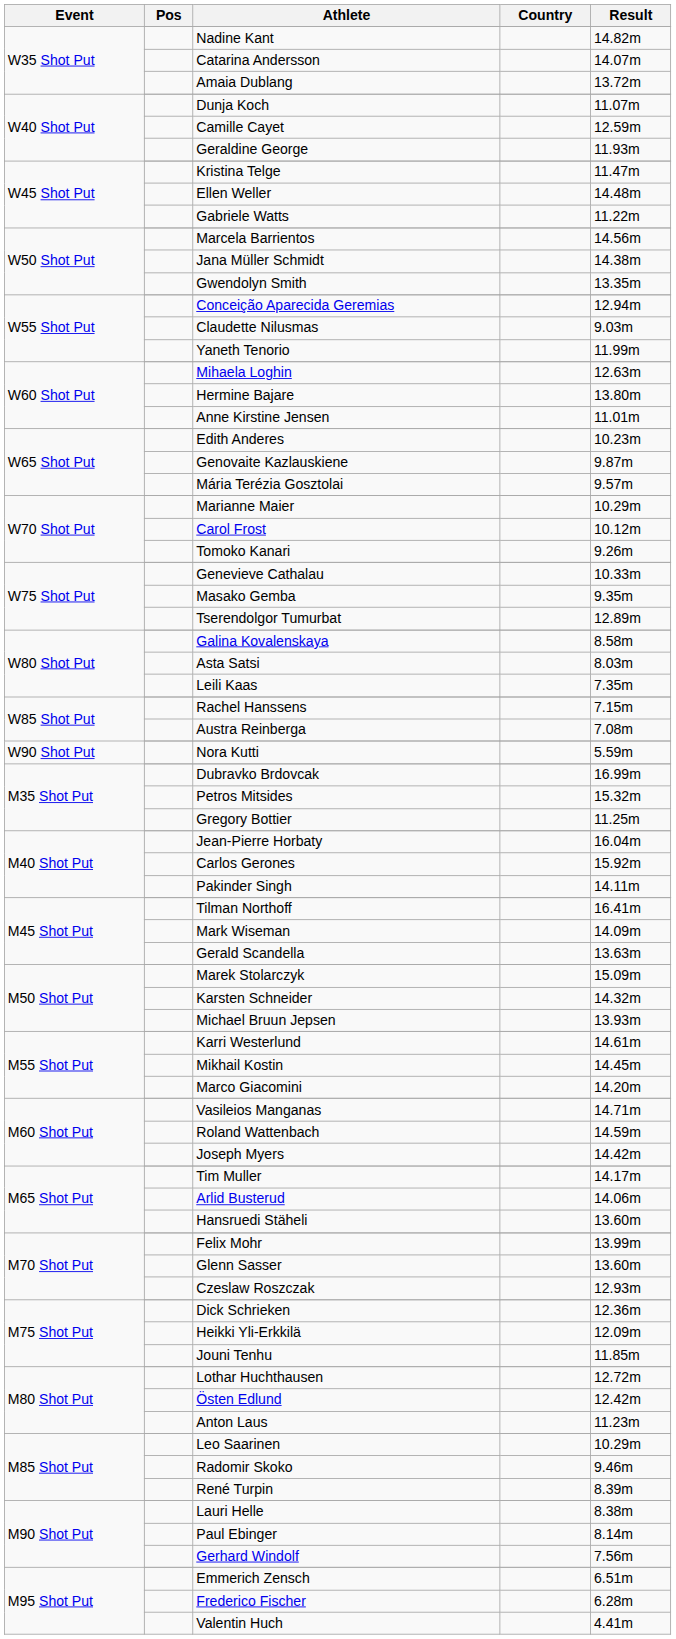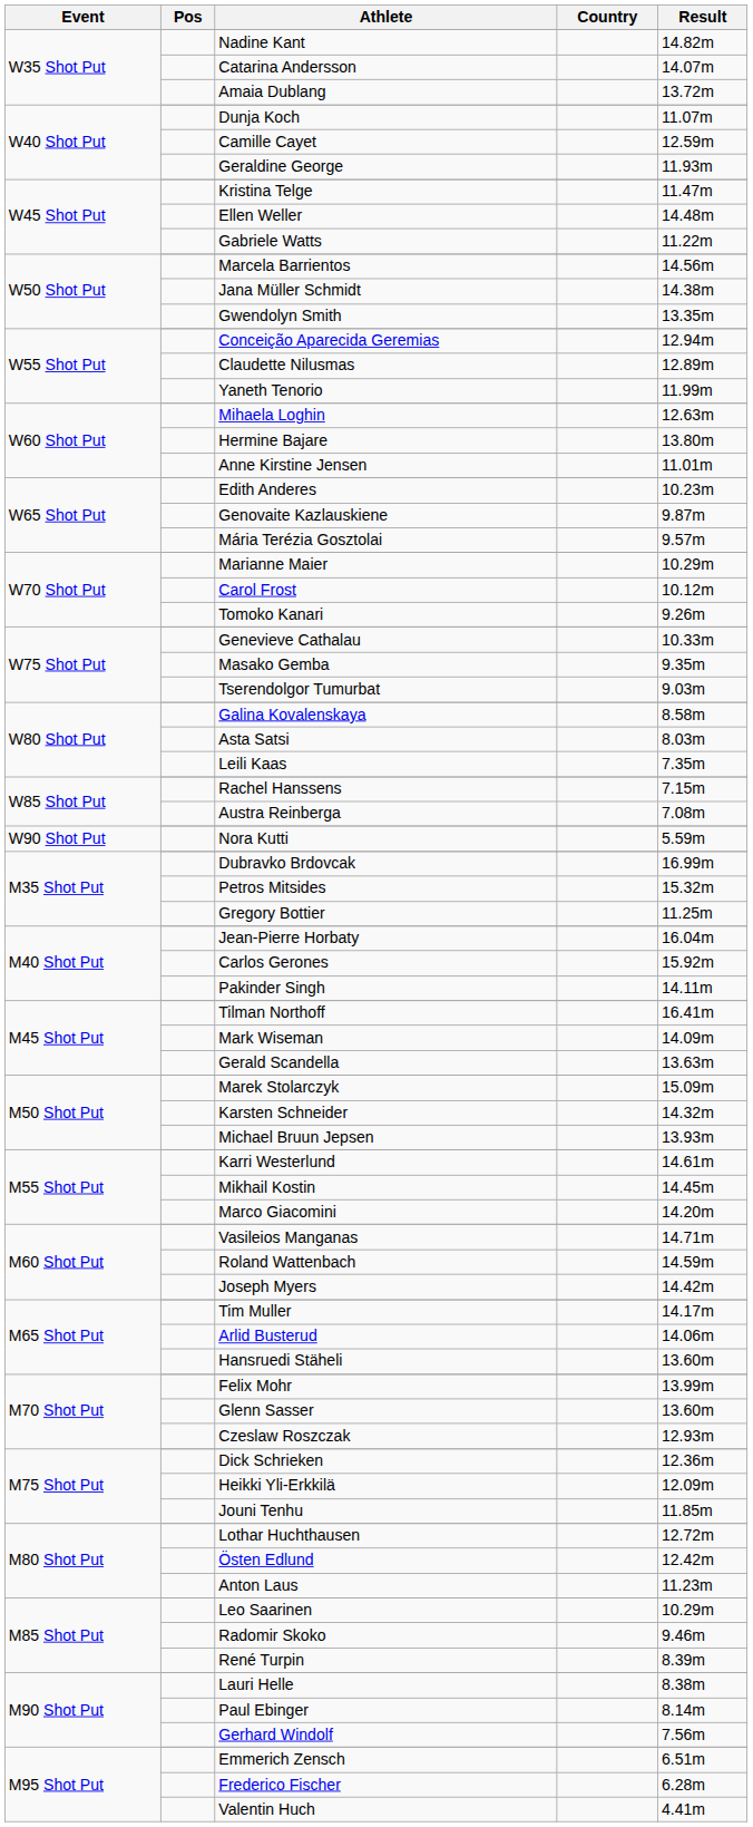 <table class="wikitable" style="width:60%;">
 <tr>
 <th>Event</th>
 <th>Pos</th>
 <th>Athlete</th>
 <th>Country</th>
 <th>Result</th>
 </tr>
 <tr>
 <td rowspan='4'>W35 <a href='#'>Shot Put</a></td>
 </tr>
 <tr>
 <td align=center></td>
 <td align=left>Nadine Kant</td>
 <td align=left></td>
 <td>14.82m</td>
 </tr>
 <tr>
 <td align=center></td>
 <td align=left>Catarina Andersson</td>
 <td align=left></td>
 <td>14.07m</td>
 </tr>
 <tr>
 <td align=center></td>
 <td align=left>Amaia Dublang</td>
 <td align=left></td>
 <td>13.72m</td>
 </tr>
 <tr>
 <td rowspan='4'>W40 <a href='#'>Shot Put</a></td>
 </tr>
 <tr>
 <td align=center></td>
 <td align=left>Dunja Koch</td>
 <td align=left></td>
 <td>11.07m</td>
 </tr>
 <tr>
 <td align=center></td>
 <td align=left>Camille Cayet</td>
 <td align=left></td>
 <td>12.59m</td>
 </tr>
 <tr>
 <td align=center></td>
 <td align=left>Geraldine George</td>
 <td align=left></td>
 <td>11.93m</td>
 </tr>
 <tr>
 <td rowspan='4'>W45 <a href='#'>Shot Put</a></td>
 </tr>
 <tr>
 <td align=center></td>
 <td align=left>Kristina Telge</td>
 <td align=left></td>
 <td>11.47m</td>
 </tr>
 <tr>
 <td align=center></td>
 <td align=left>Ellen Weller</td>
 <td align=left></td>
 <td>14.48m</td>
 </tr>
 <tr>
 <td align=center></td>
 <td align=left>Gabriele Watts</td>
 <td align=left></td>
 <td>11.22m</td>
 </tr>
 <tr>
 <td rowspan='4'>W50 <a href='#'>Shot Put</a></td>
 </tr>
 <tr>
 <td align=center></td>
 <td align=left>Marcela Barrientos</td>
 <td align=left></td>
 <td>14.56m</td>
 </tr>
 <tr>
 <td align=center></td>
 <td align=left>Jana Müller Schmidt</td>
 <td align=left></td>
 <td>14.38m</td>
 </tr>
 <tr>
 <td align=center></td>
 <td align=left>Gwendolyn Smith</td>
 <td align=left></td>
 <td>13.35m</td>
 </tr>
 <tr>
 <td rowspan='4'>W55 <a href='#'>Shot Put</a></td>
 </tr>
 <tr>
 <td align=center></td>
 <td align=left><a href='#'>Conceição Aparecida Geremias</a></td>
 <td align=left></td>
 <td>12.94m</td>
 </tr>
 <tr>
 <td align=center></td>
 <td align=left>Claudette Nilusmas</td>
 <td align=left></td>
-<td>9.03m</td>
+<td>12.89m</td>
 </tr>
 <tr>
 <td align=center></td>
 <td align=left>Yaneth Tenorio</td>
 <td align=left></td>
 <td>11.99m</td>
 </tr>
 <tr>
 <td rowspan='4'>W60 <a href='#'>Shot Put</a></td>
 </tr>
 <tr>
 <td align=center></td>
 <td align=left><a href='#'>Mihaela Loghin</a></td>
 <td align=left></td>
 <td>12.63m</td>
 </tr>
 <tr>
 <td align=center></td>
 <td align=left>Hermine Bajare</td>
 <td align=left></td>
 <td>13.80m</td>
 </tr>
 <tr>
 <td align=center></td>
 <td align=left>Anne Kirstine Jensen</td>
 <td align=left></td>
 <td>11.01m</td>
 </tr>
 <tr>
 <td rowspan='4'>W65 <a href='#'>Shot Put</a></td>
 </tr>
 <tr>
 <td align=center></td>
 <td align=left>Edith Anderes</td>
 <td align=left></td>
 <td>10.23m</td>
 </tr>
 <tr>
 <td align=center></td>
 <td align=left>Genovaite Kazlauskiene</td>
 <td align=left></td>
 <td>9.87m</td>
 </tr>
 <tr>
 <td align=center></td>
 <td align=left>Mária Terézia Gosztolai</td>
 <td align=left></td>
 <td>9.57m</td>
 </tr>
 <tr>
 <td rowspan='4'>W70 <a href='#'>Shot Put</a></td>
 </tr>
 <tr>
 <td align=center></td>
 <td align=left>Marianne Maier</td>
 <td align=left></td>
 <td>10.29m</td>
 </tr>
 <tr>
 <td align=center></td>
 <td align=left><a href='#'>Carol Frost</a></td>
 <td align=left></td>
 <td>10.12m</td>
 </tr>
 <tr>
 <td align=center></td>
 <td align=left>Tomoko Kanari</td>
 <td align=left></td>
 <td>9.26m</td>
 </tr>
 <tr>
 <td rowspan='4'>W75 <a href='#'>Shot Put</a></td>
 </tr>
 <tr>
 <td align=center></td>
 <td align=left>Genevieve Cathalau</td>
 <td align=left></td>
 <td>10.33m</td>
 </tr>
 <tr>
 <td align=center></td>
 <td align=left>Masako Gemba</td>
 <td align=left></td>
 <td>9.35m</td>
 </tr>
 <tr>
 <td align=center></td>
 <td align=left>Tserendolgor Tumurbat</td>
 <td align=left></td>
-<td>12.89m</td>
+<td>9.03m</td>
 </tr>
 <tr>
 <td rowspan='4'>W80 <a href='#'>Shot Put</a></td>
 </tr>
 <tr>
 <td align=center></td>
 <td align=left><a href='#'>Galina Kovalenskaya</a></td>
 <td align=left></td>
 <td>8.58m</td>
 </tr>
 <tr>
 <td align=center></td>
 <td align=left>Asta Satsi</td>
 <td align=left></td>
 <td>8.03m</td>
 </tr>
 <tr>
 <td align=center></td>
 <td align=left>Leili Kaas</td>
 <td align=left></td>
 <td>7.35m</td>
 </tr>
 <tr>
 <td rowspan='3'>W85 <a href='#'>Shot Put</a></td>
 </tr>
 <tr>
 <td align=center></td>
 <td align=left>Rachel Hanssens</td>
 <td align=left></td>
 <td>7.15m</td>
 </tr>
 <tr>
 <td align=center></td>
 <td align=left>Austra Reinberga</td>
 <td align=left></td>
 <td>7.08m</td>
 </tr>
 <tr>
 <td rowspan='2'>W90 <a href='#'>Shot Put</a></td>
 </tr>
 <tr>
 <td align=center></td>
 <td align=left>Nora Kutti</td>
 <td align=left></td>
 <td>5.59m</td>
 </tr>
 <tr>
 <td rowspan='4'>M35 <a href='#'>Shot Put</a></td>
 </tr>
 <tr>
 <td align=center></td>
 <td align=left>Dubravko Brdovcak</td>
 <td align=left></td>
 <td>16.99m</td>
 </tr>
 <tr>
 <td align=center></td>
 <td align=left>Petros Mitsides</td>
 <td align=left></td>
 <td>15.32m</td>
 </tr>
 <tr>
 <td align=center></td>
 <td align=left>Gregory Bottier</td>
 <td align=left></td>
 <td>11.25m</td>
 </tr>
 <tr>
 <td rowspan='4'>M40 <a href='#'>Shot Put</a></td>
 </tr>
 <tr>
 <td align=center></td>
 <td align=left>Jean-Pierre Horbaty</td>
 <td align=left></td>
 <td>16.04m</td>
 </tr>
 <tr>
 <td align=center></td>
 <td align=left>Carlos Gerones</td>
 <td align=left></td>
 <td>15.92m</td>
 </tr>
 <tr>
 <td align=center></td>
 <td align=left>Pakinder Singh</td>
 <td align=left></td>
 <td>14.11m</td>
 </tr>
 <tr>
 <td rowspan='4'>M45 <a href='#'>Shot Put</a></td>
 </tr>
 <tr>
 <td align=center></td>
 <td align=left>Tilman Northoff</td>
 <td align=left></td>
 <td>16.41m</td>
 </tr>
 <tr>
 <td align=center></td>
 <td align=left>Mark Wiseman</td>
 <td align=left></td>
 <td>14.09m</td>
 </tr>
 <tr>
 <td align=center></td>
 <td align=left>Gerald Scandella</td>
 <td align=left></td>
 <td>13.63m</td>
 </tr>
 <tr>
 <td rowspan='4'>M50 <a href='#'>Shot Put</a></td>
 </tr>
 <tr>
 <td align=center></td>
 <td align=left>Marek Stolarczyk</td>
 <td align=left></td>
 <td>15.09m</td>
 </tr>
 <tr>
 <td align=center></td>
 <td align=left>Karsten Schneider</td>
 <td align=left></td>
 <td>14.32m</td>
 </tr>
 <tr>
 <td align=center></td>
 <td align=left>Michael Bruun Jepsen</td>
 <td align=left></td>
 <td>13.93m</td>
 </tr>
 <tr>
 <td rowspan='4'>M55 <a href='#'>Shot Put</a></td>
 </tr>
 <tr>
 <td align=center></td>
 <td align=left>Karri Westerlund</td>
 <td align=left></td>
 <td>14.61m</td>
 </tr>
 <tr>
 <td align=center></td>
 <td align=left>Mikhail Kostin</td>
 <td align=left></td>
 <td>14.45m</td>
 </tr>
 <tr>
 <td align=center></td>
 <td align=left>Marco Giacomini</td>
 <td align=left></td>
 <td>14.20m</td>
 </tr>
 <tr>
 <td rowspan='4'>M60 <a href='#'>Shot Put</a></td>
 </tr>
 <tr>
 <td align=center></td>
 <td align=left>Vasileios Manganas</td>
 <td align=left></td>
 <td>14.71m</td>
 </tr>
 <tr>
 <td align=center></td>
 <td align=left>Roland Wattenbach</td>
 <td align=left></td>
 <td>14.59m</td>
 </tr>
 <tr>
 <td align=center></td>
 <td align=left>Joseph Myers</td>
 <td align=left></td>
 <td>14.42m</td>
 </tr>
 <tr>
 <td rowspan='4'>M65 <a href='#'>Shot Put</a></td>
 </tr>
 <tr>
 <td align=center></td>
 <td align=left>Tim Muller</td>
 <td align=left></td>
 <td>14.17m</td>
 </tr>
 <tr>
 <td align=center></td>
 <td align=left><a href='#'>Arlid Busterud</a></td>
 <td align=left></td>
 <td>14.06m</td>
 </tr>
 <tr>
 <td align=center></td>
 <td align=left>Hansruedi Stäheli</td>
 <td align=left></td>
 <td>13.60m</td>
 </tr>
 <tr>
 <td rowspan='4'>M70 <a href='#'>Shot Put</a></td>
 </tr>
 <tr>
 <td align=center></td>
 <td align=left>Felix Mohr</td>
 <td align=left></td>
 <td>13.99m</td>
 </tr>
 <tr>
 <td align=center></td>
 <td align=left>Glenn Sasser</td>
 <td align=left></td>
 <td>13.60m</td>
 </tr>
 <tr>
 <td align=center></td>
 <td align=left>Czeslaw Roszczak</td>
 <td align=left></td>
 <td>12.93m</td>
 </tr>
 <tr>
 <td rowspan='4'>M75 <a href='#'>Shot Put</a></td>
 </tr>
 <tr>
 <td align=center></td>
 <td align=left>Dick Schrieken</td>
 <td align=left></td>
 <td>12.36m</td>
 </tr>
 <tr>
 <td align=center></td>
 <td align=left>Heikki Yli-Erkkilä</td>
 <td align=left></td>
 <td>12.09m</td>
 </tr>
 <tr>
 <td align=center></td>
 <td align=left>Jouni Tenhu</td>
 <td align=left></td>
 <td>11.85m</td>
 </tr>
 <tr>
 <td rowspan='4'>M80 <a href='#'>Shot Put</a></td>
 </tr>
 <tr>
 <td align=center></td>
 <td align=left>Lothar Huchthausen</td>
 <td align=left></td>
 <td>12.72m</td>
 </tr>
 <tr>
 <td align=center></td>
 <td align=left><a href='#'>Östen Edlund</a></td>
 <td align=left></td>
 <td>12.42m</td>
 </tr>
 <tr>
 <td align=center></td>
 <td align=left>Anton Laus</td>
 <td align=left></td>
 <td>11.23m</td>
 </tr>
 <tr>
 <td rowspan='4'>M85 <a href='#'>Shot Put</a></td>
 </tr>
 <tr>
 <td align=center></td>
 <td align=left>Leo Saarinen</td>
 <td align=left></td>
 <td>10.29m</td>
 </tr>
 <tr>
 <td align=center></td>
 <td align=left>Radomir Skoko</td>
 <td align=left></td>
 <td>9.46m</td>
 </tr>
 <tr>
 <td align=center></td>
 <td align=left>René Turpin</td>
 <td align=left></td>
 <td>8.39m</td>
 </tr>
 <tr>
 <td rowspan='4'>M90 <a href='#'>Shot Put</a></td>
 </tr>
 <tr>
 <td align=center></td>
 <td align=left>Lauri Helle</td>
 <td align=left></td>
 <td>8.38m</td>
 </tr>
 <tr>
 <td align=center></td>
 <td align=left>Paul Ebinger</td>
 <td align=left></td>
 <td>8.14m</td>
 </tr>
 <tr>
 <td align=center></td>
 <td align=left><a href='#'>Gerhard Windolf</a></td>
 <td align=left></td>
 <td>7.56m</td>
 </tr>
 <tr>
 <td rowspan='4'>M95 <a href='#'>Shot Put</a></td>
 </tr>
 <tr>
 <td align=center></td>
 <td align=left>Emmerich Zensch</td>
 <td align=left></td>
 <td>6.51m</td>
 </tr>
 <tr>
 <td align=center></td>
 <td align=left><a href='#'>Frederico Fischer</a></td>
 <td align=left></td>
 <td>6.28m</td>
 </tr>
 <tr>
 <td align=center></td>
 <td align=left>Valentin Huch</td>
 <td align=left></td>
 <td>4.41m</td>
 </tr>
 </table>
